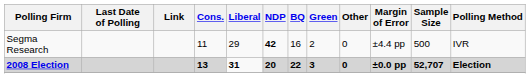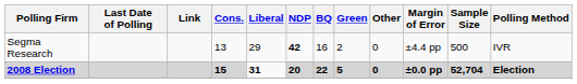 <table class="wikitable sortable">
 <tr style="background:#e9e9e9;">
 <th style="width:120px">Polling Firm</th>
 <th style="width:110px">Last Date<br>of Polling</th>
 <th style="width:60px" class="unsortable">Link</th>
 <th style="background-color:"><strong><a href='#'>Cons.</a></strong></th>
 <th style="background-color:"><strong><a href='#'>Liberal</a></strong></th>
 <th style="background-color:"><strong><a href='#'>NDP</a></strong></th>
 <th style="background-color:"><strong><a href='#'>BQ</a></strong></th>
 <th style="background-color:"><strong><a href='#'>Green</a></strong></th>
 <th style="background-color:"><strong>Other</strong></th>
 <th style="width:60px;" class=unsortable>Margin<br>of Error</th>
 <th style="width:50px;" class=unsortable>Sample<br>Size</th>
 <th class=unsortable>Polling Method</th>
 </tr>
 <tr>
 <td>Segma Research</td>
 <td></td>
 <td></td>
-<td>11</td>
+<td>13</td>
 <td>29</td>
 <td><strong>42</strong></td>
 <td>16</td>
 <td>2</td>
 <td>0</td>
 <td>±4.4 pp</td>
 <td>500</td>
 <td>IVR</td>
 </tr>
 <tr>
 <td style="background:#D5D5D5"><strong><a href='#'>2008 Election</a></strong></td>
 <td style="background:#D5D5D5"><strong></strong></td>
 <td style="background:#D5D5D5"></td>
-<td style="background:#D5D5D5"><strong>13</strong></td>
+<td style="background:#D5D5D5"><strong>15</strong></td>
 <td><strong>31</strong></td>
 <td style="background:#D5D5D5"><strong>20</strong></td>
 <td style="background:#D5D5D5"><strong>22</strong></td>
-<td style="background:#D5D5D5"><strong>3</strong></td>
+<td style="background:#D5D5D5"><strong>5</strong></td>
 <td style="background:#D5D5D5"><strong>0</strong></td>
 <td style="background:#D5D5D5"><strong>±0.0 pp</strong></td>
-<td style="background:#D5D5D5"><strong>52,707</strong></td>
+<td style="background:#D5D5D5"><strong>52,704</strong></td>
 <td style="background:#D5D5D5"><strong>Election</strong></td>
 </tr>
 <tr>
 </tr>
 <tr>
 </tr>
 </table>
